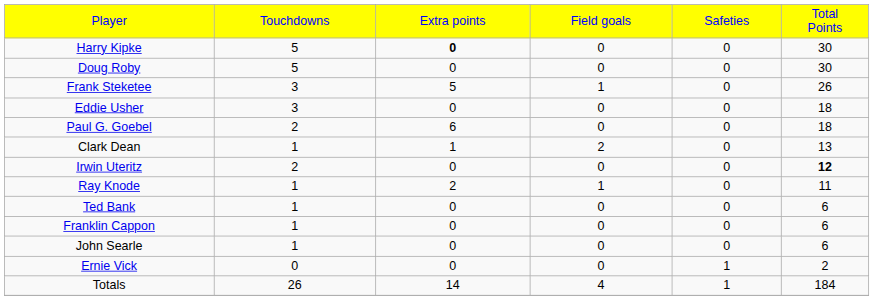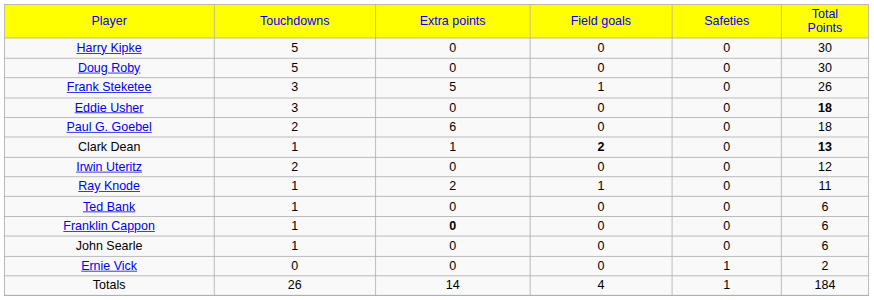 <table class="wikitable" width="70%">
 <tr align="center"  style="background:yellow;color:blue;">
 <td>Player</td>
 <td>Touchdowns</td>
 <td>Extra points</td>
 <td>Field goals</td>
 <td>Safeties</td>
 <td>Total<br>Points</td>
 </tr>
 <tr align="center" bgcolor="">
 <td><a href='#'>Harry Kipke</a></td>
 <td>5</td>
-<td><strong>0</strong></td>
+<td>0</td>
 <td>0</td>
 <td>0</td>
 <td>30</td>
 </tr>
 <tr align="center" bgcolor="">
 <td><a href='#'>Doug Roby</a></td>
 <td>5</td>
 <td>0</td>
 <td>0</td>
 <td>0</td>
 <td>30</td>
 </tr>
 <tr align="center" bgcolor="">
 <td><a href='#'>Frank Steketee</a></td>
 <td>3</td>
 <td>5</td>
 <td>1</td>
 <td>0</td>
 <td>26</td>
 </tr>
 <tr align="center" bgcolor="">
 <td><a href='#'>Eddie Usher</a></td>
 <td>3</td>
 <td>0</td>
 <td>0</td>
 <td>0</td>
-<td>18</td>
+<td><strong>18</strong></td>
 </tr>
 <tr align="center" bgcolor="">
 <td><a href='#'>Paul G. Goebel</a></td>
 <td>2</td>
 <td>6</td>
 <td>0</td>
 <td>0</td>
 <td>18</td>
 </tr>
 <tr align="center" bgcolor="">
 <td>Clark Dean</td>
 <td>1</td>
 <td>1</td>
-<td>2</td>
+<td><strong>2</strong></td>
 <td>0</td>
-<td>13</td>
+<td><strong>13</strong></td>
 </tr>
 <tr align="center" bgcolor="">
 <td><a href='#'>Irwin Uteritz</a></td>
 <td>2</td>
 <td>0</td>
 <td>0</td>
 <td>0</td>
-<td><strong>12</strong></td>
+<td>12</td>
 </tr>
 <tr align="center" bgcolor="">
 <td><a href='#'>Ray Knode</a></td>
 <td>1</td>
 <td>2</td>
 <td>1</td>
 <td>0</td>
 <td>11</td>
 </tr>
 <tr align="center" bgcolor="">
 <td><a href='#'>Ted Bank</a></td>
 <td>1</td>
 <td>0</td>
 <td>0</td>
 <td>0</td>
 <td>6</td>
 </tr>
 <tr align="center" bgcolor="">
 <td><a href='#'>Franklin Cappon</a></td>
 <td>1</td>
-<td>0</td>
+<td><strong>0</strong></td>
 <td>0</td>
 <td>0</td>
 <td>6</td>
 </tr>
 <tr align="center" bgcolor="">
 <td>John Searle</td>
 <td>1</td>
 <td>0</td>
 <td>0</td>
 <td>0</td>
 <td>6</td>
 </tr>
 <tr align="center" bgcolor="">
 <td><a href='#'>Ernie Vick</a></td>
 <td>0</td>
 <td>0</td>
 <td>0</td>
 <td>1</td>
 <td>2</td>
 </tr>
 <tr align="center" bgcolor="">
 <td>Totals</td>
 <td>26</td>
 <td>14</td>
 <td>4</td>
 <td>1</td>
 <td>184</td>
 </tr>
 <tr align="center" bgcolor="">
 </tr>
 </table>
